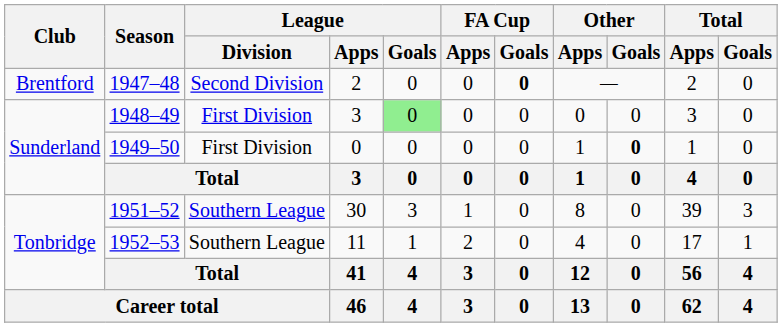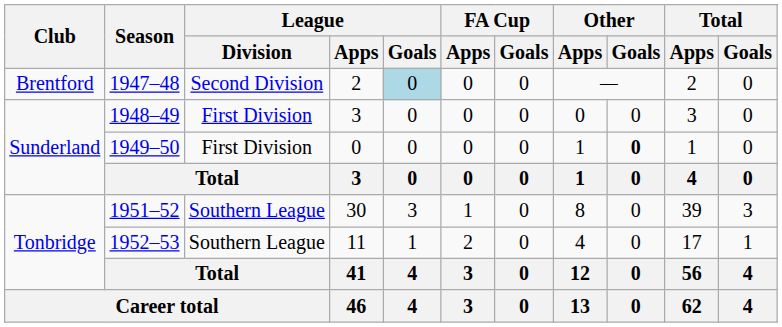 <table class="wikitable" style="text-align: center;">
 <tr>
 <th rowspan="2">Club</th>
 <th rowspan="2">Season</th>
 <th colspan="3">League</th>
 <th colspan="2">FA Cup</th>
 <th colspan="2">Other</th>
 <th colspan="2">Total</th>
 </tr>
 <tr>
 <th>Division</th>
 <th>Apps</th>
 <th>Goals</th>
 <th>Apps</th>
 <th>Goals</th>
 <th>Apps</th>
 <th>Goals</th>
 <th>Apps</th>
 <th>Goals</th>
 </tr>
 <tr>
 <td><a href='#'>Brentford</a></td>
 <td><a href='#'>1947–48</a></td>
 <td><a href='#'>Second Division</a></td>
 <td>2</td>
+<td style="background: lightblue;">0</td>
 <td>0</td>
 <td>0</td>
-<td><strong>0</strong></td>
 <td colspan="2"><em>—</em></td>
 <td>2</td>
 <td>0</td>
 </tr>
 <tr>
 <td rowspan="3"><a href='#'>Sunderland</a></td>
 <td><a href='#'>1948–49</a></td>
 <td><a href='#'>First Division</a></td>
 <td>3</td>
-<td style="background: lightgreen;">0</td>
+<td>0</td>
 <td>0</td>
 <td>0</td>
 <td>0</td>
 <td>0</td>
 <td>3</td>
 <td>0</td>
 </tr>
 <tr>
 <td><a href='#'>1949–50</a></td>
 <td>First Division</td>
 <td>0</td>
 <td>0</td>
 <td>0</td>
 <td>0</td>
 <td>1</td>
 <td><strong>0</strong></td>
 <td>1</td>
 <td>0</td>
 </tr>
 <tr>
 <th colspan="2">Total</th>
 <th>3</th>
 <th>0</th>
 <th>0</th>
 <th>0</th>
 <th>1</th>
 <th>0</th>
 <th>4</th>
 <th>0</th>
 </tr>
 <tr>
 <td rowspan="3"><a href='#'>Tonbridge</a></td>
 <td><a href='#'>1951–52</a></td>
 <td><a href='#'>Southern League</a></td>
 <td>30</td>
 <td>3</td>
 <td>1</td>
 <td>0</td>
 <td>8</td>
 <td>0</td>
 <td>39</td>
 <td>3</td>
 </tr>
 <tr>
 <td><a href='#'>1952–53</a></td>
 <td>Southern League</td>
 <td>11</td>
 <td>1</td>
 <td>2</td>
 <td>0</td>
 <td>4</td>
 <td>0</td>
 <td>17</td>
 <td>1</td>
 </tr>
 <tr>
 <th colspan="2">Total</th>
 <th>41</th>
 <th>4</th>
 <th>3</th>
 <th>0</th>
 <th>12</th>
 <th>0</th>
 <th>56</th>
 <th>4</th>
 </tr>
 <tr>
 <th colspan="3">Career total</th>
 <th>46</th>
 <th>4</th>
 <th>3</th>
 <th>0</th>
 <th>13</th>
 <th>0</th>
 <th>62</th>
 <th>4</th>
 </tr>
 </table>
